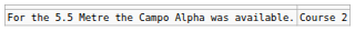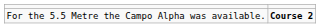 <table class="wikitable" style="text-align:center;">
 <tr>
 <td></td>
 <td></td>
 </tr>
 <tr>
 <td>For the 5.5 Metre the Campo Alpha was available.</td>
-<td>Course 2</td>
+<td><strong>Course 2</strong></td>
 </tr>
 </table>
